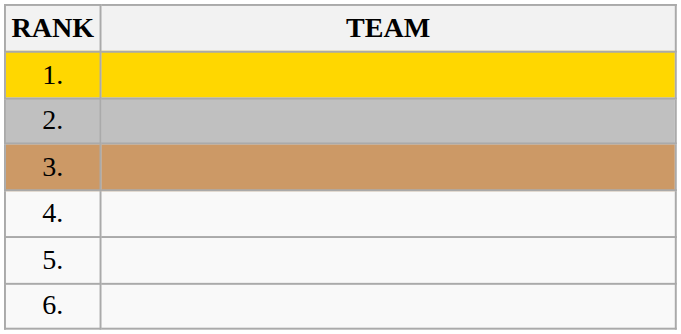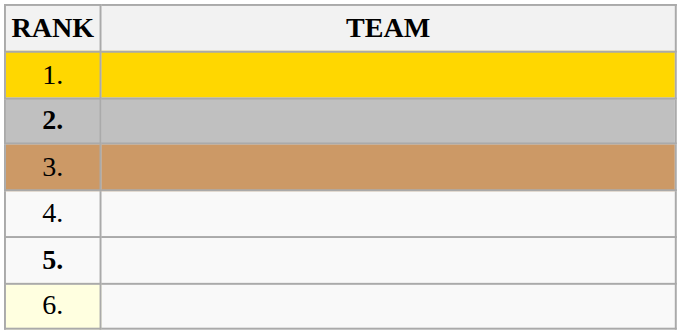 <table class="wikitable" style="border-collapse: collapse; font-size: 90%;">
 <tr>
 <th>RANK</th>
 <th align="center" style="width: 20em">TEAM</th>
 </tr>
 <tr bgcolor=gold>
 <td align="center">1.</td>
 <td> </td>
 </tr>
 <tr bgcolor=silver>
-<td align="center">2.</td>
+<td align="center"><strong>2.</strong></td>
 <td></td>
 </tr>
 <tr bgcolor=#cc9966>
 <td align="center">3.</td>
 <td></td>
 </tr>
 <tr>
 <td align="center">4.</td>
 <td></td>
 </tr>
 <tr>
-<td align="center">5.</td>
+<td align="center"><strong>5.</strong></td>
 <td></td>
 </tr>
 <tr>
-<td align="center">6.</td>
+<td align="center" style="background: lightyellow;">6.</td>
 <td></td>
 </tr>
 </table>
